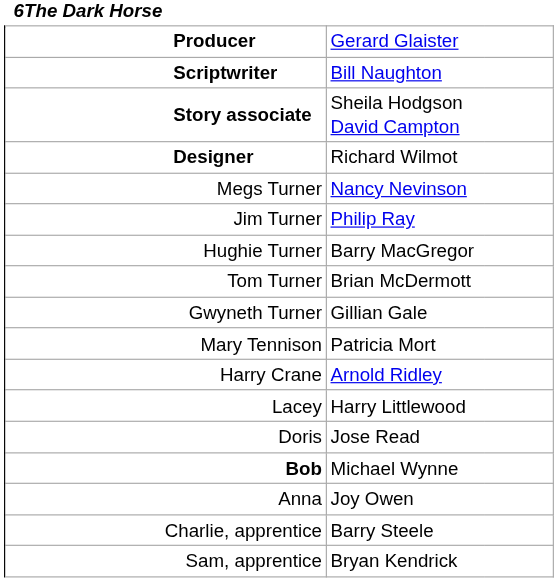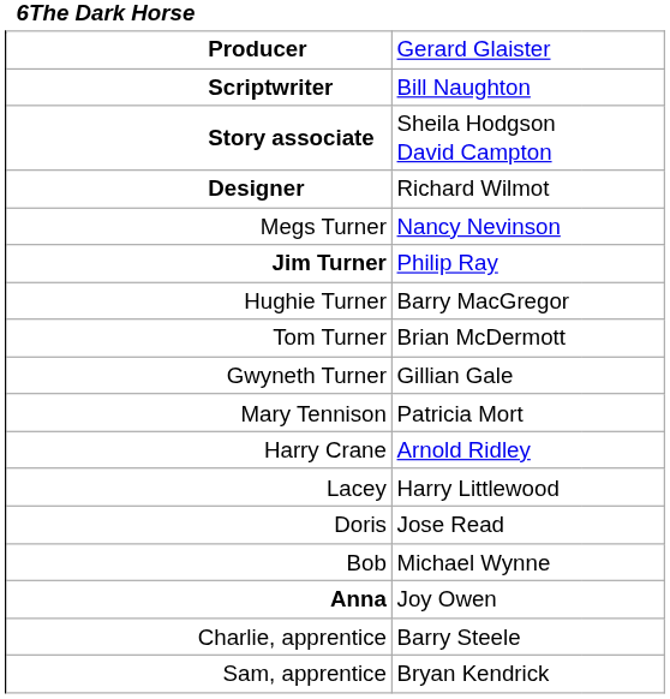 <table class="wikitable mw-collapsible mw-collapsed" style="vertical-align:top;margin:auto 2em;line-height:1.2;min-width:33em;display: inline-table;background-color:inherit;border:none;">
 <tr>
 <td class=unsortable style="border:hidden;line-height:1.67;text-align:center;margin-left:-1em;padding-left:0.5em;min-width:1.0em;"></td>
 <td class=unsortable style="border:none;padding-left:0.5em;text-align:left;min-width:16.5em;font-weight:700;font-style:italic;">6The Dark Horse</td>
 <td class=unsortable style="border:none;text-align:right;font-weight:normal;font-family:Courier;font-size:95%;letter-spacing:-1pt;min-width:8.5em;padding-right:0.2em;"></td>
 <td class=unsortable style="border:hidden;min-width:3.5em;padding-left:0;"></td>
 <td class=unsortable style="border:hidden;min-width:3.5em;font-size:95%;"></td>
 </tr>
 <tr>
 <td rowspan=100 style="border:none thin;border-right-style :solid;"></td>
 </tr>
 <tr>
 <td style="text-align:left;padding-left:9.0em;font-weight:bold;">Producer</td>
 <td colspan=2><a href='#'>Gerard Glaister</a></td>
 </tr>
 <tr>
 <td style="text-align:left;padding-left:9.0em;font-weight:bold;">Scriptwriter</td>
 <td colspan=2><a href='#'>Bill Naughton</a></td>
 </tr>
 <tr>
 <td style="text-align:left;padding-left:9.0em;font-weight:bold;">Story associate</td>
 <td colspan=2>Sheila Hodgson<br><a href='#'>David Campton</a></td>
 </tr>
 <tr>
 <td style="text-align:left;padding-left:9.0em;font-weight:bold;">Designer</td>
 <td colspan=2>Richard Wilmot</td>
 </tr>
 <tr>
 <td style="text-align:right;">Megs Turner</td>
 <td colspan=2><a href='#'>Nancy Nevinson</a></td>
 </tr>
 <tr>
-<td style="text-align:right;">Jim Turner</td>
+<td style="text-align:right;"><strong>Jim Turner</strong></td>
 <td colspan=2><a href='#'>Philip Ray</a></td>
 </tr>
 <tr>
 <td style="text-align:right;">Hughie Turner</td>
 <td colspan=2>Barry MacGregor</td>
 </tr>
 <tr>
 <td style="text-align:right;">Tom Turner</td>
 <td colspan=2>Brian McDermott</td>
 </tr>
 <tr>
 <td style="text-align:right;">Gwyneth Turner</td>
 <td colspan=2>Gillian Gale</td>
 </tr>
 <tr>
 <td style="text-align:right;">Mary Tennison</td>
 <td colspan=2>Patricia Mort</td>
 </tr>
 <tr>
 <td style="text-align:right;">Harry Crane</td>
 <td colspan=2><a href='#'>Arnold Ridley</a></td>
 </tr>
 <tr>
 <td style="text-align:right;">Lacey</td>
 <td colspan=2>Harry Littlewood</td>
 </tr>
 <tr>
 <td style="text-align:right;">Doris</td>
 <td colspan=2>Jose Read</td>
 </tr>
 <tr>
-<td style="text-align:right;"><strong>Bob</strong></td>
+<td style="text-align:right;">Bob</td>
 <td colspan=2>Michael Wynne</td>
 </tr>
 <tr>
-<td style="text-align:right;">Anna</td>
+<td style="text-align:right;"><strong>Anna</strong></td>
 <td colspan=2>Joy Owen</td>
 </tr>
 <tr>
 <td style="text-align:right;">Charlie, apprentice</td>
 <td colspan=2>Barry Steele</td>
 </tr>
 <tr>
 <td style="text-align:right;">Sam, apprentice</td>
 <td colspan=2>Bryan Kendrick</td>
 </tr>
 </table>
